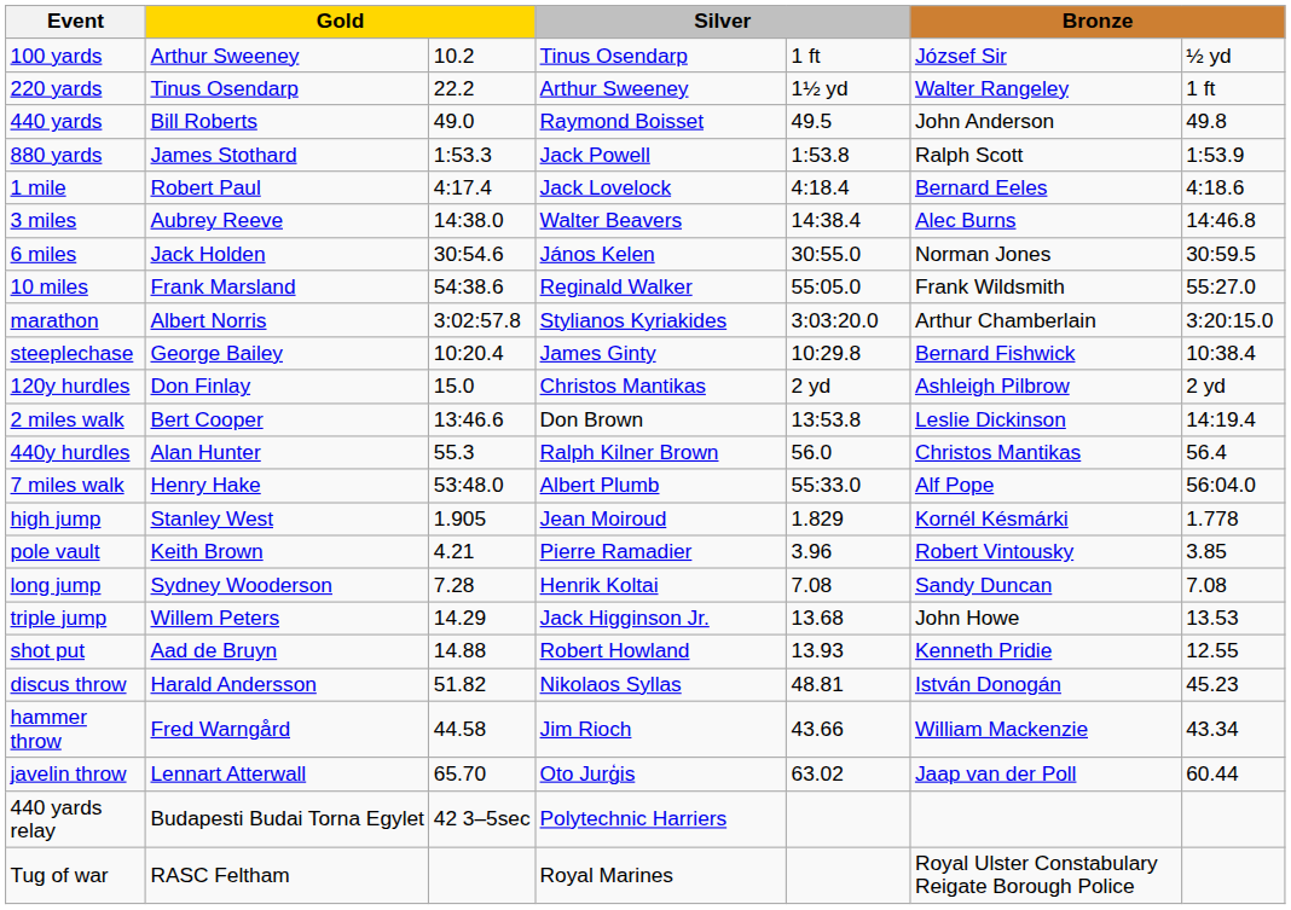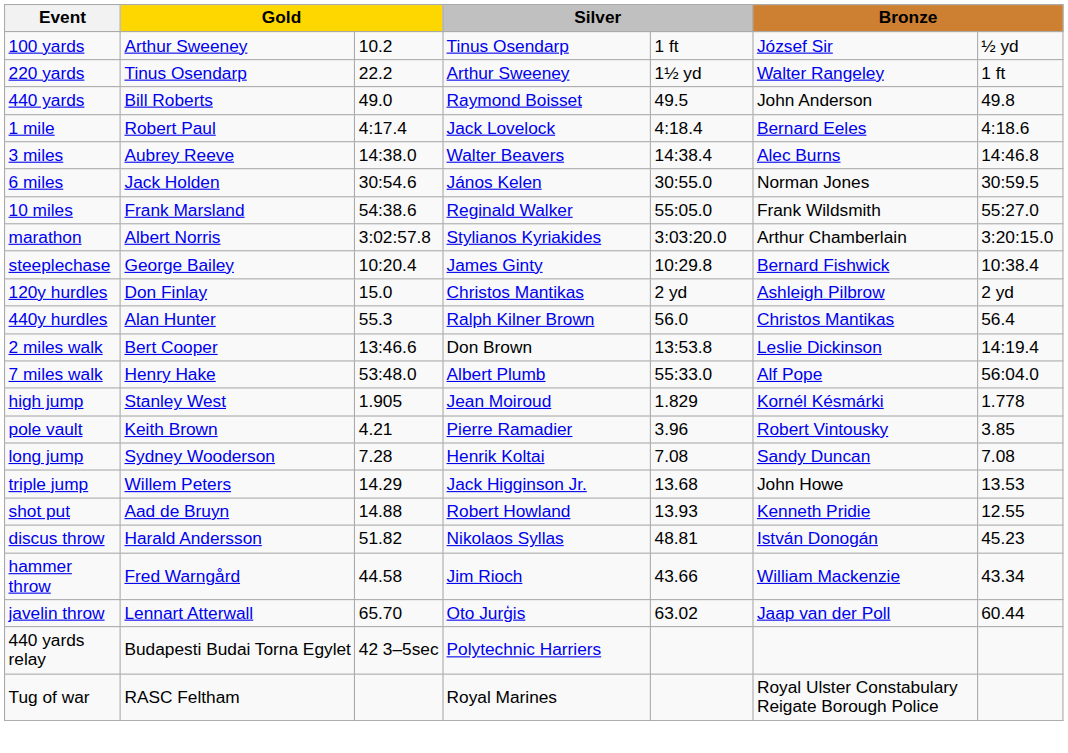 <table class="wikitable" style="text-align:left">
 <tr>
 <th width=100>Event</th>
 <th colspan="2" width="280" style="background:gold;">Gold</th>
 <th colspan="2" width="280" style="background:silver;">Silver</th>
 <th colspan="2" width="280" style="background:#CD7F32;">Bronze</th>
 </tr>
 <tr>
 <td><a href='#'>100 yards</a></td>
 <td><a href='#'>Arthur Sweeney</a></td>
 <td>10.2</td>
 <td> <a href='#'>Tinus Osendarp</a></td>
 <td>1 ft</td>
 <td> <a href='#'>József Sir</a></td>
 <td>½ yd</td>
 </tr>
 <tr>
 <td><a href='#'>220 yards</a></td>
 <td> <a href='#'>Tinus Osendarp</a></td>
 <td>22.2</td>
 <td><a href='#'>Arthur Sweeney</a></td>
 <td>1½ yd</td>
 <td><a href='#'>Walter Rangeley</a></td>
 <td>1 ft</td>
 </tr>
 <tr>
 <td><a href='#'>440 yards</a></td>
 <td><a href='#'>Bill Roberts</a></td>
 <td>49.0</td>
 <td> <a href='#'>Raymond Boisset</a></td>
 <td>49.5</td>
 <td>John Anderson</td>
 <td>49.8</td>
-</tr>
-<tr>
-<td><a href='#'>880 yards</a></td>
-<td> <a href='#'>James Stothard</a></td>
-<td>1:53.3</td>
-<td><a href='#'>Jack Powell</a></td>
-<td>1:53.8</td>
-<td>Ralph Scott</td>
-<td>1:53.9</td>
 </tr>
 <tr>
 <td><a href='#'>1 mile</a></td>
 <td> <a href='#'>Robert Paul</a></td>
 <td>4:17.4</td>
 <td> <a href='#'>Jack Lovelock</a></td>
 <td>4:18.4</td>
 <td><a href='#'>Bernard Eeles</a></td>
 <td>4:18.6</td>
 </tr>
 <tr>
 <td><a href='#'>3 miles</a></td>
 <td><a href='#'>Aubrey Reeve</a></td>
 <td>14:38.0</td>
 <td><a href='#'>Walter Beavers</a></td>
 <td>14:38.4</td>
 <td><a href='#'>Alec Burns</a></td>
 <td>14:46.8</td>
 </tr>
 <tr>
 <td><a href='#'>6 miles</a></td>
 <td><a href='#'>Jack Holden</a></td>
 <td>30:54.6</td>
 <td> <a href='#'>János Kelen</a></td>
 <td>30:55.0</td>
 <td>Norman Jones</td>
 <td>30:59.5</td>
 </tr>
 <tr>
 <td><a href='#'>10 miles</a></td>
 <td><a href='#'>Frank Marsland</a></td>
 <td>54:38.6</td>
 <td><a href='#'>Reginald Walker</a></td>
 <td>55:05.0</td>
 <td>Frank Wildsmith</td>
 <td>55:27.0</td>
 </tr>
 <tr>
 <td><a href='#'>marathon</a></td>
 <td><a href='#'>Albert Norris</a></td>
 <td>3:02:57.8</td>
 <td> <a href='#'>Stylianos Kyriakides</a></td>
 <td>3:03:20.0</td>
 <td>Arthur Chamberlain</td>
 <td>3:20:15.0</td>
 </tr>
 <tr>
 <td><a href='#'>steeplechase</a></td>
 <td><a href='#'>George Bailey</a></td>
 <td>10:20.4</td>
 <td><a href='#'>James Ginty</a></td>
 <td>10:29.8</td>
 <td><a href='#'>Bernard Fishwick</a></td>
 <td>10:38.4</td>
 </tr>
 <tr>
 <td><a href='#'>120y hurdles</a></td>
 <td><a href='#'>Don Finlay</a></td>
 <td>15.0</td>
 <td> <a href='#'>Christos Mantikas</a></td>
 <td>2 yd</td>
 <td><a href='#'>Ashleigh Pilbrow</a></td>
 <td>2 yd</td>
 </tr>
 <tr>
+<td><a href='#'>440y hurdles</a></td>
+<td> <a href='#'>Alan Hunter</a></td>
+<td>55.3</td>
+<td><a href='#'>Ralph Kilner Brown</a></td>
+<td>56.0</td>
+<td> <a href='#'>Christos Mantikas</a></td>
+<td>56.4</td>
+</tr>
+<tr>
 <td><a href='#'>2 miles walk</a></td>
 <td><a href='#'>Bert Cooper</a></td>
 <td>13:46.6</td>
 <td>Don Brown</td>
 <td>13:53.8</td>
 <td><a href='#'>Leslie Dickinson</a></td>
 <td>14:19.4</td>
-</tr>
-<tr>
-<td><a href='#'>440y hurdles</a></td>
-<td> <a href='#'>Alan Hunter</a></td>
-<td>55.3</td>
-<td><a href='#'>Ralph Kilner Brown</a></td>
-<td>56.0</td>
-<td> <a href='#'>Christos Mantikas</a></td>
-<td>56.4</td>
 </tr>
 <tr>
 <td><a href='#'>7 miles walk</a></td>
 <td><a href='#'>Henry Hake</a></td>
 <td>53:48.0</td>
 <td><a href='#'>Albert Plumb</a></td>
 <td>55:33.0</td>
 <td><a href='#'>Alf Pope</a></td>
 <td>56:04.0</td>
 </tr>
 <tr>
 <td><a href='#'>high jump</a></td>
 <td><a href='#'>Stanley West</a></td>
 <td>1.905</td>
 <td> <a href='#'>Jean Moiroud</a></td>
 <td>1.829</td>
 <td> <a href='#'>Kornél Késmárki</a></td>
 <td>1.778</td>
 </tr>
 <tr>
 <td><a href='#'>pole vault</a></td>
 <td> <a href='#'>Keith Brown</a></td>
 <td>4.21</td>
 <td> <a href='#'>Pierre Ramadier</a></td>
 <td>3.96</td>
 <td> <a href='#'>Robert Vintousky</a></td>
 <td>3.85</td>
 </tr>
 <tr>
 <td><a href='#'>long jump</a></td>
 <td><a href='#'>Sydney Wooderson</a></td>
 <td>7.28</td>
 <td> <a href='#'>Henrik Koltai</a></td>
 <td>7.08</td>
 <td><a href='#'>Sandy Duncan</a></td>
 <td>7.08</td>
 </tr>
 <tr>
 <td><a href='#'>triple jump</a></td>
 <td> <a href='#'>Willem Peters</a></td>
 <td>14.29</td>
 <td><a href='#'>Jack Higginson Jr.</a></td>
 <td>13.68</td>
 <td>John Howe</td>
 <td>13.53</td>
 </tr>
 <tr>
 <td><a href='#'>shot put</a></td>
 <td> <a href='#'>Aad de Bruyn</a></td>
 <td>14.88</td>
 <td><a href='#'>Robert Howland</a></td>
 <td>13.93</td>
 <td><a href='#'>Kenneth Pridie</a></td>
 <td>12.55</td>
 </tr>
 <tr>
 <td><a href='#'>discus throw</a></td>
 <td> <a href='#'>Harald Andersson</a></td>
 <td>51.82</td>
 <td> <a href='#'>Nikolaos Syllas</a></td>
 <td>48.81</td>
 <td> <a href='#'>István Donogán</a></td>
 <td>45.23</td>
 </tr>
 <tr>
 <td><a href='#'>hammer throw</a></td>
 <td> <a href='#'>Fred Warngård</a></td>
 <td>44.58</td>
 <td> <a href='#'>Jim Rioch</a></td>
 <td>43.66</td>
 <td> <a href='#'>William Mackenzie</a></td>
 <td>43.34</td>
 </tr>
 <tr>
 <td><a href='#'>javelin throw</a></td>
 <td> <a href='#'>Lennart Atterwall</a></td>
 <td>65.70</td>
 <td> <a href='#'>Oto Jurģis</a></td>
 <td>63.02</td>
 <td> <a href='#'>Jaap van der Poll</a></td>
 <td>60.44</td>
 </tr>
 <tr>
 <td>440 yards relay</td>
 <td>Budapesti Budai Torna Egylet</td>
 <td>42 3–5sec</td>
 <td><a href='#'>Polytechnic Harriers</a></td>
 <td></td>
 <td></td>
 <td></td>
 </tr>
 <tr>
 <td>Tug of war</td>
 <td>RASC Feltham</td>
 <td></td>
 <td>Royal Marines</td>
 <td></td>
 <td>Royal Ulster Constabulary<br>Reigate Borough Police</td>
 </tr>
 </table>
